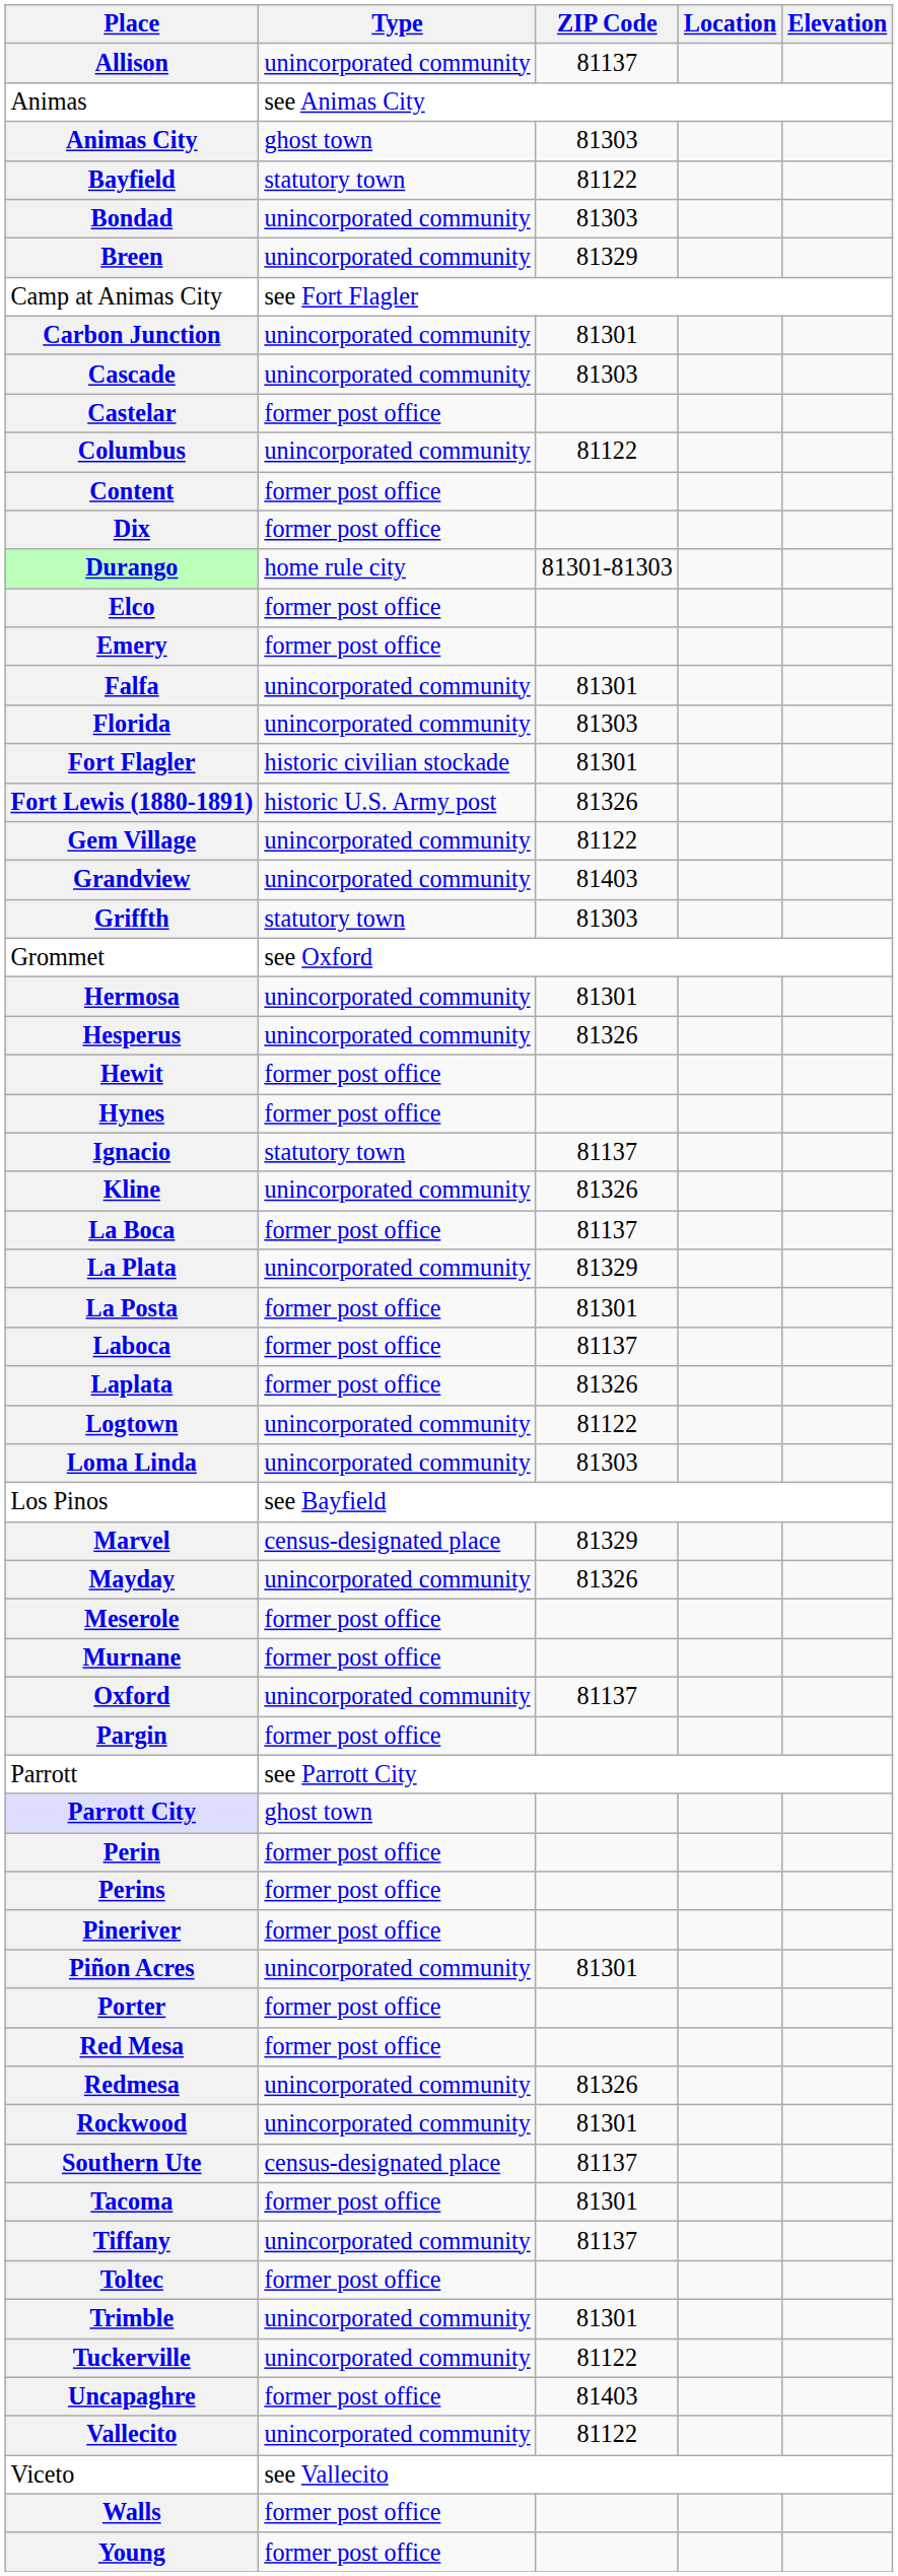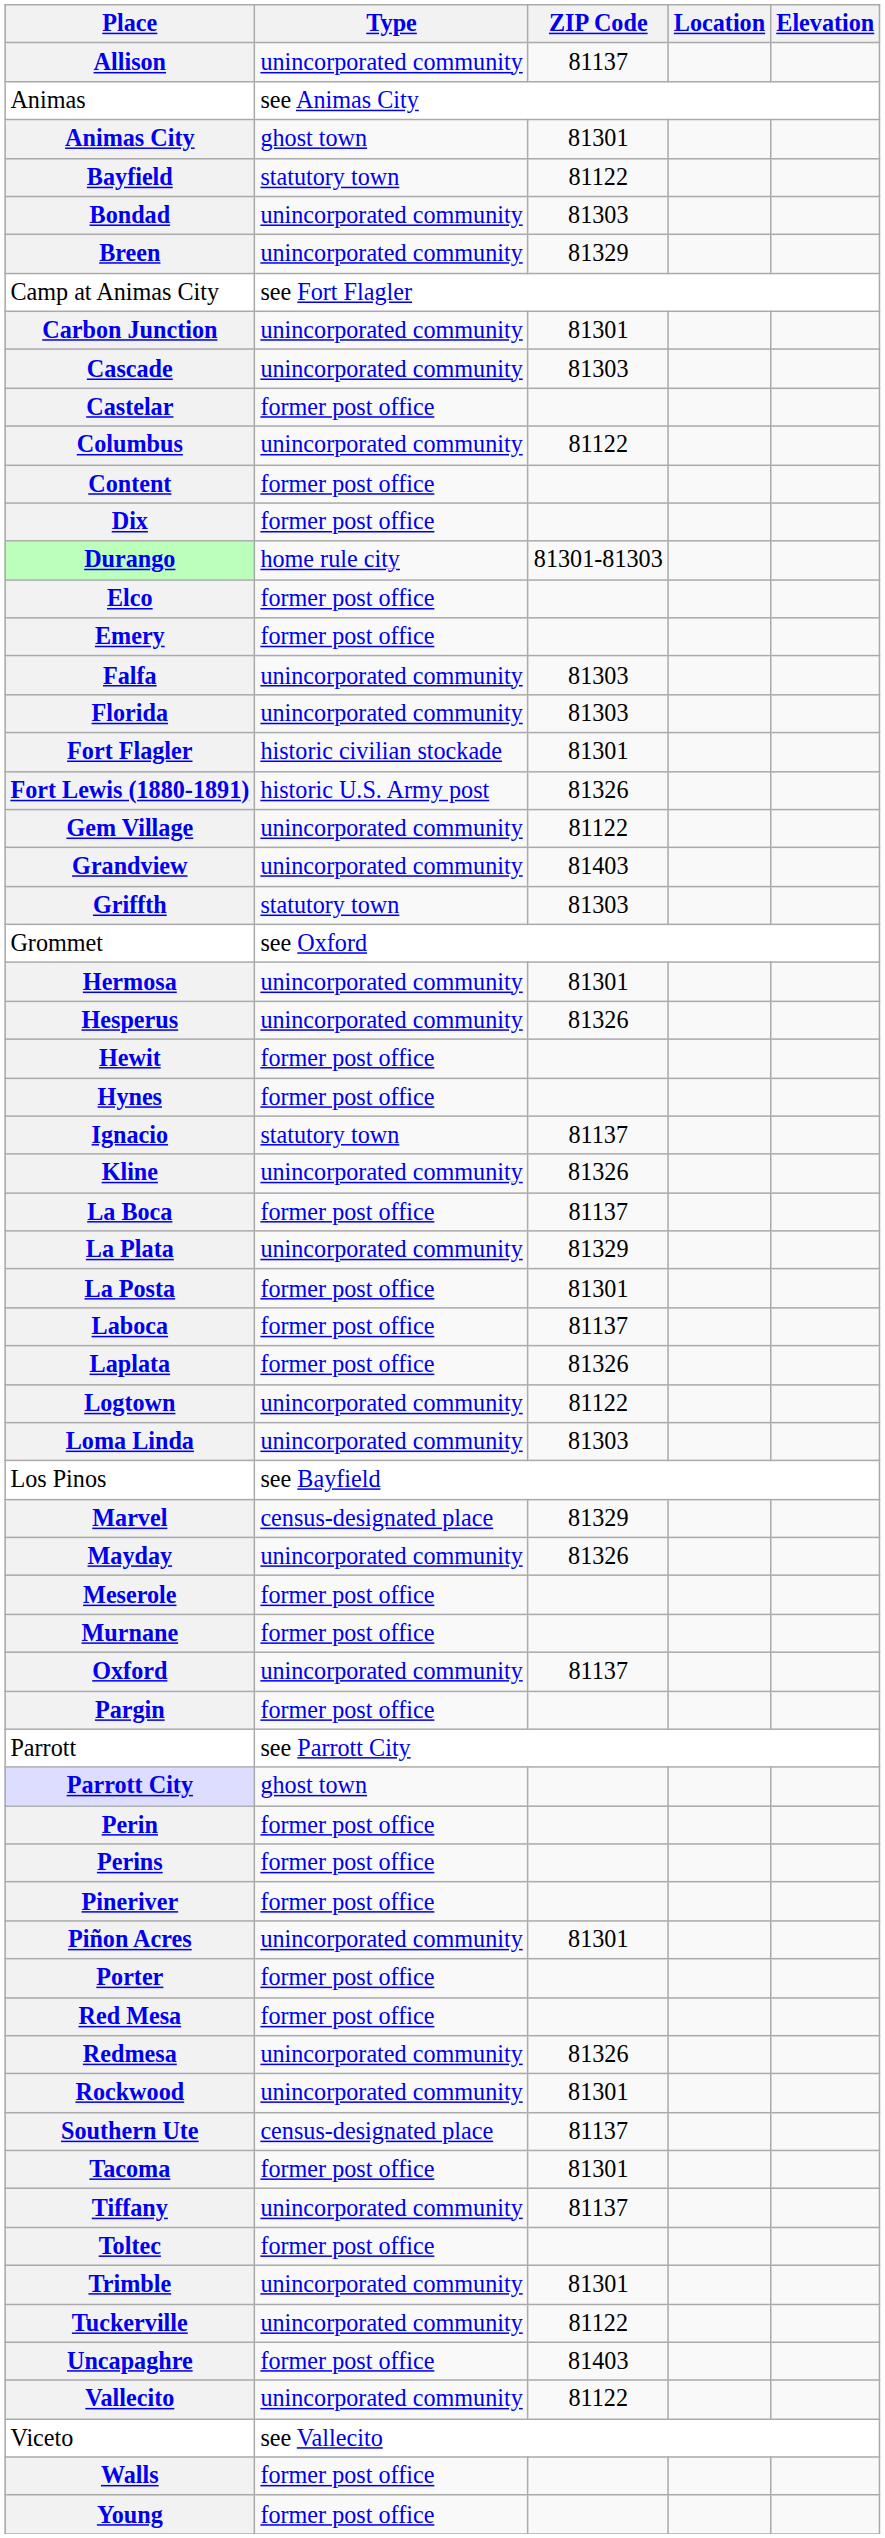 <table class="wikitable sortable  plainrowheaders" style="margin:auto;">
 <tr>
 <th scope=col><a href='#'>Place</a></th>
 <th scope=col><a href='#'>Type</a></th>
 <th scope=col><a href='#'>ZIP Code</a></th>
 <th scope=col><a href='#'>Location</a></th>
 <th scope=col><a href='#'>Elevation</a></th>
 </tr>
 <tr>
 <th scope=row><a href='#'>Allison</a></th>
 <td><a href='#'>unincorporated community</a></td>
 <td align=center>81137</td>
 <td></td>
 <td align=right></td>
 </tr>
 <tr bgcolor=white>
 <td>Animas</td>
 <td colspan=4>see <a href='#'>Animas City</a></td>
 </tr>
 <tr>
 <th scope=row><a href='#'>Animas City</a></th>
 <td><a href='#'>ghost town</a></td>
-<td align=center>81303</td>
+<td align=center>81301</td>
 <td></td>
 <td align=right></td>
 </tr>
 <tr>
 <th scope=row><a href='#'>Bayfield</a></th>
 <td><a href='#'>statutory town</a></td>
 <td align=center>81122</td>
 <td></td>
 <td align=right></td>
 </tr>
 <tr>
 <th scope=row><a href='#'>Bondad</a></th>
 <td><a href='#'>unincorporated community</a></td>
 <td align=center>81303</td>
 <td></td>
 <td align=right></td>
 </tr>
 <tr>
 <th scope=row><a href='#'>Breen</a></th>
 <td><a href='#'>unincorporated community</a></td>
 <td align=center>81329</td>
 <td></td>
 <td align=right></td>
 </tr>
 <tr bgcolor=white>
 <td>Camp at Animas City</td>
 <td colspan=4>see <a href='#'>Fort Flagler</a></td>
 </tr>
 <tr>
 <th scope=row><a href='#'>Carbon Junction</a></th>
 <td><a href='#'>unincorporated community</a></td>
 <td align=center>81301</td>
 <td></td>
 <td align=right></td>
 </tr>
 <tr>
 <th scope=row><a href='#'>Cascade</a></th>
 <td><a href='#'>unincorporated community</a></td>
 <td align=center>81303</td>
 <td></td>
 <td align=right></td>
 </tr>
 <tr>
 <th scope=row><a href='#'>Castelar</a></th>
 <td><a href='#'>former post office</a></td>
 <td align=center></td>
 <td></td>
 <td></td>
 </tr>
 <tr>
 <th scope=row><a href='#'>Columbus</a></th>
 <td><a href='#'>unincorporated community</a></td>
 <td align=center>81122</td>
 <td></td>
 <td align=right></td>
 </tr>
 <tr>
 <th scope=row><a href='#'>Content</a></th>
 <td><a href='#'>former post office</a></td>
 <td align=center></td>
 <td></td>
 <td></td>
 </tr>
 <tr>
 <th scope=row><a href='#'>Dix</a></th>
 <td><a href='#'>former post office</a></td>
 <td align=center></td>
 <td></td>
 <td></td>
 </tr>
 <tr>
 <th scope=row style="background:#BBFFBB;"><a href='#'>Durango</a></th>
 <td><a href='#'>home rule city</a></td>
 <td align=center>81301-81303</td>
 <td></td>
 <td align=right></td>
 </tr>
 <tr>
 <th scope=row><a href='#'>Elco</a></th>
 <td><a href='#'>former post office</a></td>
 <td align=center></td>
 <td></td>
 <td></td>
 </tr>
 <tr>
 <th scope=row><a href='#'>Emery</a></th>
 <td><a href='#'>former post office</a></td>
 <td align=center></td>
 <td></td>
 <td></td>
 </tr>
 <tr>
 <th scope=row><a href='#'>Falfa</a></th>
 <td><a href='#'>unincorporated community</a></td>
-<td align=center>81301</td>
+<td align=center>81303</td>
 <td></td>
 <td align=right></td>
 </tr>
 <tr>
 <th scope=row><a href='#'>Florida</a></th>
 <td><a href='#'>unincorporated community</a></td>
 <td align=center>81303</td>
 <td></td>
 <td align=right></td>
 </tr>
 <tr>
 <th scope=row><a href='#'>Fort Flagler</a></th>
 <td><a href='#'>historic civilian stockade</a></td>
 <td align=center>81301</td>
 <td></td>
 <td></td>
 </tr>
 <tr>
 <th scope=row><a href='#'>Fort Lewis (1880-1891)</a></th>
 <td><a href='#'>historic U.S. Army post</a></td>
 <td align=center>81326</td>
 <td></td>
 <td></td>
 </tr>
 <tr>
 <th scope=row><a href='#'>Gem Village</a></th>
 <td><a href='#'>unincorporated community</a></td>
 <td align=center>81122</td>
 <td></td>
 <td align=right></td>
 </tr>
 <tr>
 <th scope=row><a href='#'>Grandview</a></th>
 <td><a href='#'>unincorporated community</a></td>
 <td align=center>81403</td>
 <td></td>
 <td align=right></td>
 </tr>
 <tr>
 <th scope=row><a href='#'>Griffth</a></th>
 <td><a href='#'>statutory town</a></td>
 <td align=center>81303</td>
 <td></td>
 <td align=right></td>
 </tr>
 <tr bgcolor=white>
 <td>Grommet</td>
 <td colspan=4>see <a href='#'>Oxford</a></td>
 </tr>
 <tr>
 <th scope=row><a href='#'>Hermosa</a></th>
 <td><a href='#'>unincorporated community</a></td>
 <td align=center>81301</td>
 <td></td>
 <td align=right></td>
 </tr>
 <tr>
 <th scope=row><a href='#'>Hesperus</a></th>
 <td><a href='#'>unincorporated community</a></td>
 <td align=center>81326</td>
 <td></td>
 <td align=right></td>
 </tr>
 <tr>
 <th scope=row><a href='#'>Hewit</a></th>
 <td><a href='#'>former post office</a></td>
 <td align=center></td>
 <td></td>
 <td></td>
 </tr>
 <tr>
 <th scope=row><a href='#'>Hynes</a></th>
 <td><a href='#'>former post office</a></td>
 <td align=center></td>
 <td></td>
 <td></td>
 </tr>
 <tr>
 <th scope=row><a href='#'>Ignacio</a></th>
 <td><a href='#'>statutory town</a></td>
 <td align=center>81137</td>
 <td></td>
 <td align=right></td>
 </tr>
 <tr>
 <th scope=row><a href='#'>Kline</a></th>
 <td><a href='#'>unincorporated community</a></td>
 <td align=center>81326</td>
 <td></td>
 <td align=right></td>
 </tr>
 <tr>
 <th scope=row><a href='#'>La Boca</a></th>
 <td><a href='#'>former post office</a></td>
 <td align=center>81137</td>
 <td></td>
 <td align=right></td>
 </tr>
 <tr>
 <th scope=row><a href='#'>La Plata</a></th>
 <td><a href='#'>unincorporated community</a></td>
 <td align=center>81329</td>
 <td></td>
 <td align=right></td>
 </tr>
 <tr>
 <th scope=row><a href='#'>La Posta</a></th>
 <td><a href='#'>former post office</a></td>
 <td align=center>81301</td>
 <td></td>
 <td align=right></td>
 </tr>
 <tr>
 <th scope=row><a href='#'>Laboca</a></th>
 <td><a href='#'>former post office</a></td>
 <td align=center>81137</td>
 <td></td>
 <td></td>
 </tr>
 <tr>
 <th scope=row><a href='#'>Laplata</a></th>
 <td><a href='#'>former post office</a></td>
 <td align=center>81326</td>
 <td></td>
 <td></td>
 </tr>
 <tr>
 <th scope=row><a href='#'>Logtown</a></th>
 <td><a href='#'>unincorporated community</a></td>
 <td align=center>81122</td>
 <td></td>
 <td align=right></td>
 </tr>
 <tr>
 <th scope=row><a href='#'>Loma Linda</a></th>
 <td><a href='#'>unincorporated community</a></td>
 <td align=center>81303</td>
 <td></td>
 <td align=right></td>
 </tr>
 <tr bgcolor=white>
 <td>Los Pinos</td>
 <td colspan=4>see <a href='#'>Bayfield</a></td>
 </tr>
 <tr>
 <th scope=row><a href='#'>Marvel</a></th>
 <td><a href='#'>census-designated place</a></td>
 <td align=center>81329</td>
 <td></td>
 <td align=right></td>
 </tr>
 <tr>
 <th scope=row><a href='#'>Mayday</a></th>
 <td><a href='#'>unincorporated community</a></td>
 <td align=center>81326</td>
 <td></td>
 <td align=right></td>
 </tr>
 <tr>
 <th scope=row><a href='#'>Meserole</a></th>
 <td><a href='#'>former post office</a></td>
 <td align=center></td>
 <td></td>
 <td></td>
 </tr>
 <tr>
 <th scope=row><a href='#'>Murnane</a></th>
 <td><a href='#'>former post office</a></td>
 <td align=center></td>
 <td></td>
 <td></td>
 </tr>
 <tr>
 <th scope=row><a href='#'>Oxford</a></th>
 <td><a href='#'>unincorporated community</a></td>
 <td align=center>81137</td>
 <td></td>
 <td align=right></td>
 </tr>
 <tr>
 <th scope=row><a href='#'>Pargin</a></th>
 <td><a href='#'>former post office</a></td>
 <td align=center></td>
 <td></td>
 <td></td>
 </tr>
 <tr bgcolor=white>
 <td>Parrott</td>
 <td colspan=4>see <a href='#'>Parrott City</a></td>
 </tr>
 <tr>
 <th scope=row style="background:#DDDDFF;"><a href='#'>Parrott City</a></th>
 <td><a href='#'>ghost town</a></td>
 <td align=center></td>
 <td></td>
 <td></td>
 </tr>
 <tr>
 <th scope=row><a href='#'>Perin</a></th>
 <td><a href='#'>former post office</a></td>
 <td align=center></td>
 <td></td>
 <td></td>
 </tr>
 <tr>
 <th scope=row><a href='#'>Perins</a></th>
 <td><a href='#'>former post office</a></td>
 <td align=center></td>
 <td></td>
 <td></td>
 </tr>
 <tr>
 <th scope=row><a href='#'>Pineriver</a></th>
 <td><a href='#'>former post office</a></td>
 <td align=center></td>
 <td></td>
 <td></td>
 </tr>
 <tr>
 <th scope=row><a href='#'>Piñon Acres</a></th>
 <td><a href='#'>unincorporated community</a></td>
 <td align=center>81301</td>
 <td></td>
 <td align=right></td>
 </tr>
 <tr>
 <th scope=row><a href='#'>Porter</a></th>
 <td><a href='#'>former post office</a></td>
 <td align=center></td>
 <td></td>
 <td></td>
 </tr>
 <tr>
 <th scope=row><a href='#'>Red Mesa</a></th>
 <td><a href='#'>former post office</a></td>
 <td align=center></td>
 <td></td>
 <td></td>
 </tr>
 <tr>
 <th scope=row><a href='#'>Redmesa</a></th>
 <td><a href='#'>unincorporated community</a></td>
 <td align=center>81326</td>
 <td></td>
 <td align=right></td>
 </tr>
 <tr>
 <th scope=row><a href='#'>Rockwood</a></th>
 <td><a href='#'>unincorporated community</a></td>
 <td align=center>81301</td>
 <td></td>
 <td align=right></td>
 </tr>
 <tr>
 <th scope=row><a href='#'>Southern Ute</a></th>
 <td><a href='#'>census-designated place</a></td>
 <td align=center>81137</td>
 <td></td>
 <td align=right></td>
 </tr>
 <tr>
 <th scope=row><a href='#'>Tacoma</a></th>
 <td><a href='#'>former post office</a></td>
 <td align=center>81301</td>
 <td></td>
 <td align=right></td>
 </tr>
 <tr>
 <th scope=row><a href='#'>Tiffany</a></th>
 <td><a href='#'>unincorporated community</a></td>
 <td align=center>81137</td>
 <td></td>
 <td align=right></td>
 </tr>
 <tr>
 <th scope=row><a href='#'>Toltec</a></th>
 <td><a href='#'>former post office</a></td>
 <td align=center></td>
 <td></td>
 <td></td>
 </tr>
 <tr>
 <th scope=row><a href='#'>Trimble</a></th>
 <td><a href='#'>unincorporated community</a></td>
 <td align=center>81301</td>
 <td></td>
 <td align=right></td>
 </tr>
 <tr>
 <th scope=row><a href='#'>Tuckerville</a></th>
 <td><a href='#'>unincorporated community</a></td>
 <td align=center>81122</td>
 <td></td>
 <td align=right></td>
 </tr>
 <tr>
 <th scope=row><a href='#'>Uncapaghre</a></th>
 <td><a href='#'>former post office</a></td>
 <td align=center>81403</td>
 <td></td>
 <td></td>
 </tr>
 <tr>
 <th scope=row><a href='#'>Vallecito</a></th>
 <td><a href='#'>unincorporated community</a></td>
 <td align=center>81122</td>
 <td></td>
 <td align=right></td>
 </tr>
 <tr bgcolor=white>
 <td>Viceto</td>
 <td colspan=4>see <a href='#'>Vallecito</a></td>
 </tr>
 <tr>
 <th scope=row><a href='#'>Walls</a></th>
 <td><a href='#'>former post office</a></td>
 <td align=center></td>
 <td></td>
 <td></td>
 </tr>
 <tr>
 <th scope=row><a href='#'>Young</a></th>
 <td><a href='#'>former post office</a></td>
 <td align=center></td>
 <td></td>
 <td></td>
 </tr>
 </table>
